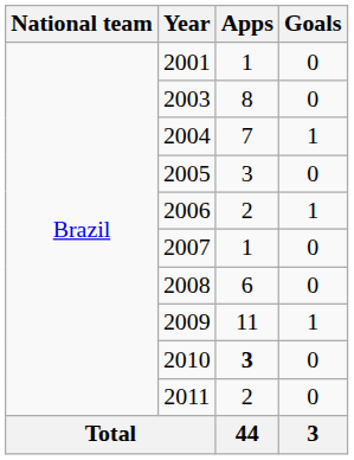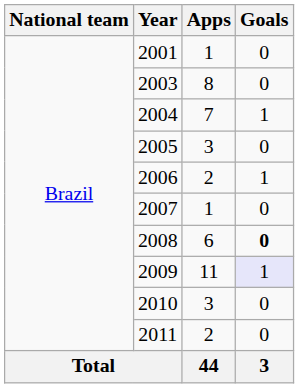 <table class="wikitable" style="text-align:center">
 <tr>
 <th>National team</th>
 <th>Year</th>
 <th>Apps</th>
 <th>Goals</th>
 </tr>
 <tr>
 <td rowspan="10"><a href='#'>Brazil</a></td>
 <td>2001</td>
 <td>1</td>
 <td>0</td>
 </tr>
 <tr>
 <td>2003</td>
 <td>8</td>
 <td>0</td>
 </tr>
 <tr>
 <td>2004</td>
 <td>7</td>
 <td>1</td>
 </tr>
 <tr>
 <td>2005</td>
 <td>3</td>
 <td>0</td>
 </tr>
 <tr>
 <td>2006</td>
 <td>2</td>
 <td>1</td>
 </tr>
 <tr>
 <td>2007</td>
 <td>1</td>
 <td>0</td>
 </tr>
 <tr>
 <td>2008</td>
 <td>6</td>
-<td>0</td>
+<td><strong>0</strong></td>
 </tr>
 <tr>
 <td>2009</td>
 <td>11</td>
-<td>1</td>
+<td style="background: lavender;">1</td>
 </tr>
 <tr>
 <td>2010</td>
-<td><strong>3</strong></td>
+<td>3</td>
 <td>0</td>
 </tr>
 <tr>
 <td>2011</td>
 <td>2</td>
 <td>0</td>
 </tr>
 <tr>
 <th colspan="2">Total</th>
 <th>44</th>
 <th>3</th>
 </tr>
 </table>
